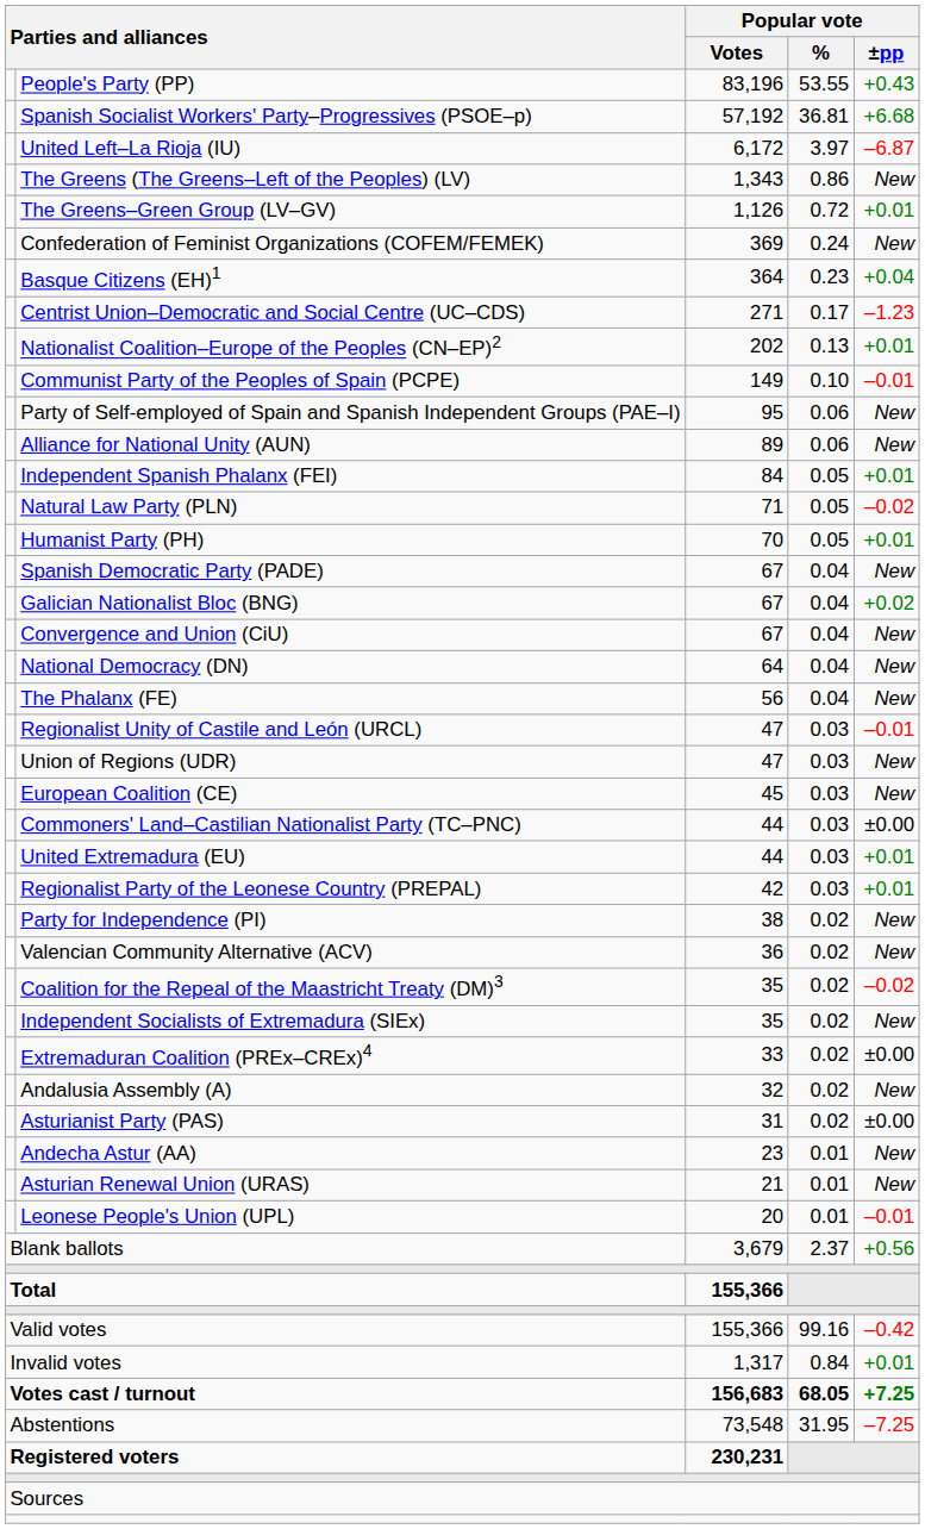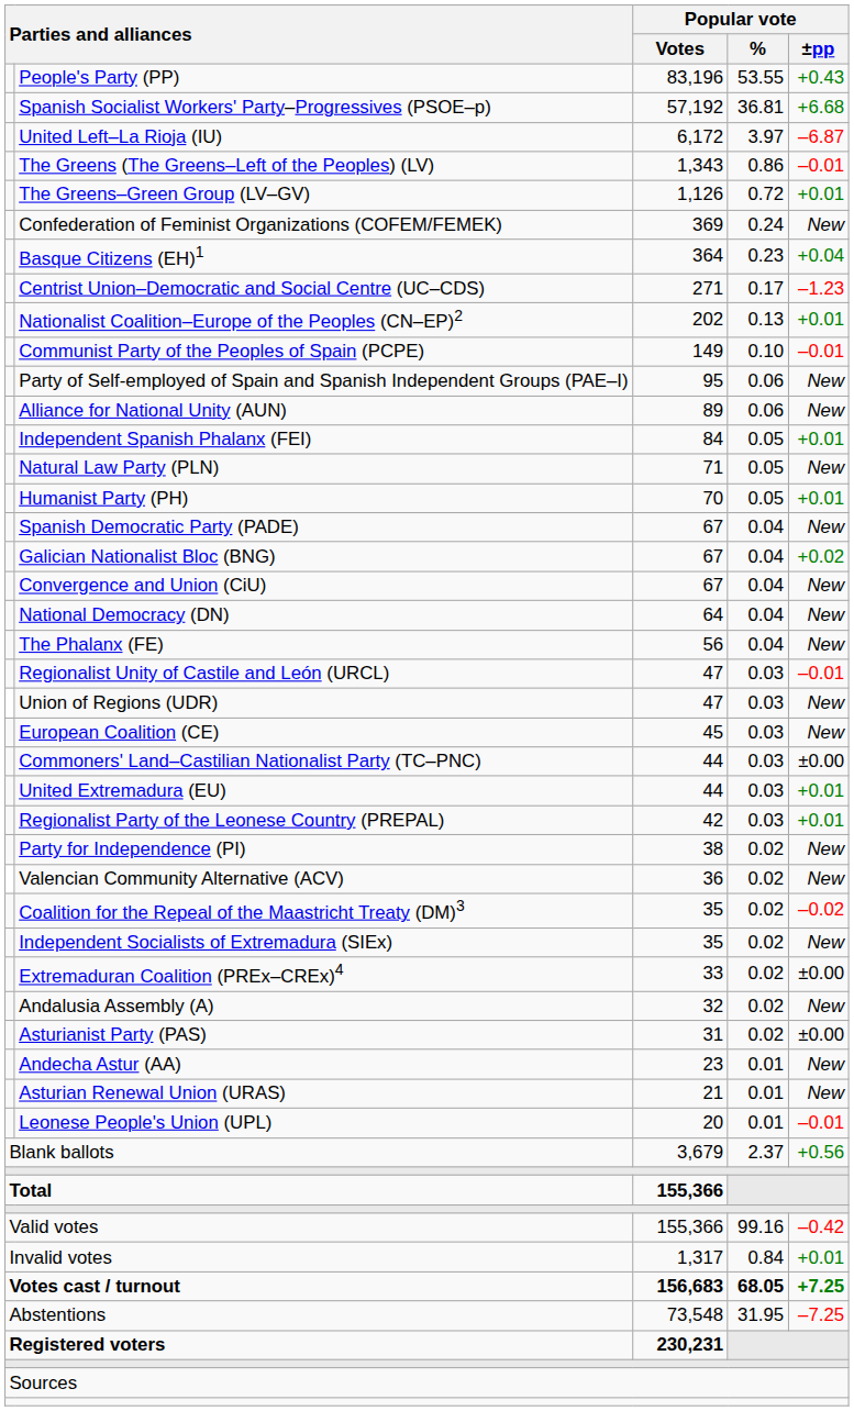 <table class="wikitable" style="text-align:right">
 <tr>
 <th style="text-align:left;" rowspan="2" colspan="2" width="525">Parties and alliances</th>
 <th colspan="3">Popular vote</th>
 </tr>
 <tr>
 <th width="75">Votes</th>
 <th width="45">%</th>
 <th width="45">±<a href='#'>pp</a></th>
 </tr>
 <tr>
 <td width="1" style="color:inherit;background:"></td>
 <td align="left"><a href='#'>People's Party</a> (PP)</td>
 <td>83,196</td>
 <td>53.55</td>
 <td style="color:green;">+0.43</td>
 </tr>
 <tr>
 <td style="color:inherit;background:"></td>
 <td align="left"><a href='#'>Spanish Socialist Workers' Party</a>–<a href='#'>Progressives</a> (PSOE–p)</td>
 <td>57,192</td>
 <td>36.81</td>
 <td style="color:green;">+6.68</td>
 </tr>
 <tr>
 <td style="color:inherit;background:"></td>
 <td align="left"><a href='#'>United Left–La Rioja</a> (IU)</td>
 <td>6,172</td>
 <td>3.97</td>
 <td style="color:red;">–6.87</td>
 </tr>
 <tr>
 <td style="color:inherit;background:"></td>
 <td align="left"><a href='#'>The Greens</a> (<a href='#'>The Greens–Left of the Peoples</a>) (LV)</td>
 <td>1,343</td>
 <td>0.86</td>
-<td><em>New</em></td>
+<td style="color:red;">–0.01</td>
 </tr>
 <tr>
 <td style="color:inherit;background:"></td>
 <td align="left"><a href='#'>The Greens–Green Group</a> (LV–GV)</td>
 <td>1,126</td>
 <td>0.72</td>
 <td style="color:green;">+0.01</td>
 </tr>
 <tr>
 <td style="color:inherit;background:"></td>
 <td align="left">Confederation of Feminist Organizations (COFEM/FEMEK)</td>
 <td>369</td>
 <td>0.24</td>
 <td><em>New</em></td>
 </tr>
 <tr>
 <td style="color:inherit;background:"></td>
 <td align="left"><a href='#'>Basque Citizens</a> (EH)<sup>1</sup></td>
 <td>364</td>
 <td>0.23</td>
 <td style="color:green;">+0.04</td>
 </tr>
 <tr>
 <td style="color:inherit;background:"></td>
 <td align="left"><a href='#'>Centrist Union–Democratic and Social Centre</a> (UC–CDS)</td>
 <td>271</td>
 <td>0.17</td>
 <td style="color:red;">–1.23</td>
 </tr>
 <tr>
 <td style="color:inherit;background:"></td>
 <td align="left"><a href='#'>Nationalist Coalition–Europe of the Peoples</a> (CN–EP)<sup>2</sup></td>
 <td>202</td>
 <td>0.13</td>
 <td style="color:green;">+0.01</td>
 </tr>
 <tr>
 <td style="color:inherit;background:"></td>
 <td align="left"><a href='#'>Communist Party of the Peoples of Spain</a> (PCPE)</td>
 <td>149</td>
 <td>0.10</td>
 <td style="color:red;">–0.01</td>
 </tr>
 <tr>
 <td style="color:inherit;background:"></td>
 <td align="left">Party of Self-employed of Spain and Spanish Independent Groups (PAE–I)</td>
 <td>95</td>
 <td>0.06</td>
 <td><em>New</em></td>
 </tr>
 <tr>
 <td style="color:inherit;background:"></td>
 <td align="left"><a href='#'>Alliance for National Unity</a> (AUN)</td>
 <td>89</td>
 <td>0.06</td>
 <td><em>New</em></td>
 </tr>
 <tr>
 <td style="color:inherit;background:"></td>
 <td align="left"><a href='#'>Independent Spanish Phalanx</a> (FEI)</td>
 <td>84</td>
 <td>0.05</td>
 <td style="color:green;">+0.01</td>
 </tr>
 <tr>
 <td style="color:inherit;background:"></td>
 <td align="left"><a href='#'>Natural Law Party</a> (PLN)</td>
 <td>71</td>
 <td>0.05</td>
-<td style="color:red;">–0.02</td>
+<td><em>New</em></td>
 </tr>
 <tr>
 <td style="color:inherit;background:"></td>
 <td align="left"><a href='#'>Humanist Party</a> (PH)</td>
 <td>70</td>
 <td>0.05</td>
 <td style="color:green;">+0.01</td>
 </tr>
 <tr>
 <td style="color:inherit;background:"></td>
 <td align="left"><a href='#'>Spanish Democratic Party</a> (PADE)</td>
 <td>67</td>
 <td>0.04</td>
 <td><em>New</em></td>
 </tr>
 <tr>
 <td style="color:inherit;background:"></td>
 <td align="left"><a href='#'>Galician Nationalist Bloc</a> (BNG)</td>
 <td>67</td>
 <td>0.04</td>
 <td style="color:green;">+0.02</td>
 </tr>
 <tr>
 <td style="color:inherit;background:"></td>
 <td align="left"><a href='#'>Convergence and Union</a> (CiU)</td>
 <td>67</td>
 <td>0.04</td>
 <td><em>New</em></td>
 </tr>
 <tr>
 <td style="color:inherit;background:"></td>
 <td align="left"><a href='#'>National Democracy</a> (DN)</td>
 <td>64</td>
 <td>0.04</td>
 <td><em>New</em></td>
 </tr>
 <tr>
 <td style="color:inherit;background:"></td>
 <td align="left"><a href='#'>The Phalanx</a> (FE)</td>
 <td>56</td>
 <td>0.04</td>
 <td><em>New</em></td>
 </tr>
 <tr>
 <td style="color:inherit;background:"></td>
 <td align="left"><a href='#'>Regionalist Unity of Castile and León</a> (URCL)</td>
 <td>47</td>
 <td>0.03</td>
 <td style="color:red;">–0.01</td>
 </tr>
 <tr>
 <td bgcolor="white"></td>
 <td align="left">Union of Regions (UDR)</td>
 <td>47</td>
 <td>0.03</td>
 <td><em>New</em></td>
 </tr>
 <tr>
 <td style="color:inherit;background:"></td>
 <td align="left"><a href='#'>European Coalition</a> (CE)</td>
 <td>45</td>
 <td>0.03</td>
 <td><em>New</em></td>
 </tr>
 <tr>
 <td style="color:inherit;background:"></td>
 <td align="left"><a href='#'>Commoners' Land–Castilian Nationalist Party</a> (TC–PNC)</td>
 <td>44</td>
 <td>0.03</td>
 <td>±0.00</td>
 </tr>
 <tr>
 <td style="color:inherit;background:"></td>
 <td align="left"><a href='#'>United Extremadura</a> (EU)</td>
 <td>44</td>
 <td>0.03</td>
 <td style="color:green;">+0.01</td>
 </tr>
 <tr>
 <td style="color:inherit;background:"></td>
 <td align="left"><a href='#'>Regionalist Party of the Leonese Country</a> (PREPAL)</td>
 <td>42</td>
 <td>0.03</td>
 <td style="color:green;">+0.01</td>
 </tr>
 <tr>
 <td style="color:inherit;background:"></td>
 <td align="left"><a href='#'>Party for Independence</a> (PI)</td>
 <td>38</td>
 <td>0.02</td>
 <td><em>New</em></td>
 </tr>
 <tr>
 <td bgcolor="white"></td>
 <td align="left">Valencian Community Alternative (ACV)</td>
 <td>36</td>
 <td>0.02</td>
 <td><em>New</em></td>
 </tr>
 <tr>
 <td style="color:inherit;background:"></td>
 <td align="left"><a href='#'>Coalition for the Repeal of the Maastricht Treaty</a> (DM)<sup>3</sup></td>
 <td>35</td>
 <td>0.02</td>
 <td style="color:red;">–0.02</td>
 </tr>
 <tr>
 <td style="color:inherit;background:"></td>
 <td align="left"><a href='#'>Independent Socialists of Extremadura</a> (SIEx)</td>
 <td>35</td>
 <td>0.02</td>
 <td><em>New</em></td>
 </tr>
 <tr>
 <td style="color:inherit;background:"></td>
 <td align="left"><a href='#'>Extremaduran Coalition</a> (PREx–CREx)<sup>4</sup></td>
 <td>33</td>
 <td>0.02</td>
 <td>±0.00</td>
 </tr>
 <tr>
 <td style="color:inherit;background:"></td>
 <td align="left">Andalusia Assembly (A)</td>
 <td>32</td>
 <td>0.02</td>
 <td><em>New</em></td>
 </tr>
 <tr>
 <td style="color:inherit;background:"></td>
 <td align="left"><a href='#'>Asturianist Party</a> (PAS)</td>
 <td>31</td>
 <td>0.02</td>
 <td>±0.00</td>
 </tr>
 <tr>
 <td style="color:inherit;background:"></td>
 <td align="left"><a href='#'>Andecha Astur</a> (AA)</td>
 <td>23</td>
 <td>0.01</td>
 <td><em>New</em></td>
 </tr>
 <tr>
 <td style="color:inherit;background:"></td>
 <td align="left"><a href='#'>Asturian Renewal Union</a> (URAS)</td>
 <td>21</td>
 <td>0.01</td>
 <td><em>New</em></td>
 </tr>
 <tr>
 <td style="color:inherit;background:"></td>
 <td align="left"><a href='#'>Leonese People's Union</a> (UPL)</td>
 <td>20</td>
 <td>0.01</td>
 <td style="color:red;">–0.01</td>
 </tr>
 <tr>
 <td align="left" colspan="2">Blank ballots</td>
 <td>3,679</td>
 <td>2.37</td>
 <td style="color:green;">+0.56</td>
 </tr>
 <tr>
 <td colspan="5" bgcolor="#E9E9E9"></td>
 </tr>
 <tr style="font-weight:bold;">
 <td align="left" colspan="2">Total</td>
 <td>155,366</td>
 <td bgcolor="#E9E9E9" colspan="2"></td>
 </tr>
 <tr>
 <td colspan="5" bgcolor="#E9E9E9"></td>
 </tr>
 <tr>
 <td align="left" colspan="2">Valid votes</td>
 <td>155,366</td>
 <td>99.16</td>
 <td style="color:red;">–0.42</td>
 </tr>
 <tr>
 <td align="left" colspan="2">Invalid votes</td>
 <td>1,317</td>
 <td>0.84</td>
 <td style="color:green;">+0.01</td>
 </tr>
 <tr style="font-weight:bold;">
 <td align="left" colspan="2">Votes cast / turnout</td>
 <td>156,683</td>
 <td>68.05</td>
 <td style="color:green;">+7.25</td>
 </tr>
 <tr>
 <td align="left" colspan="2">Abstentions</td>
 <td>73,548</td>
 <td>31.95</td>
 <td style="color:red;">–7.25</td>
 </tr>
 <tr style="font-weight:bold;">
 <td align="left" colspan="2">Registered voters</td>
 <td>230,231</td>
 <td bgcolor="#E9E9E9" colspan="2"></td>
 </tr>
 <tr>
 <td colspan="5" bgcolor="#E9E9E9"></td>
 </tr>
 <tr>
 <td align="left" colspan="5">Sources</td>
 </tr>
 <tr>
 <td colspan="5" style="text-align:left; max-width:680px;"></td>
 </tr>
 </table>
